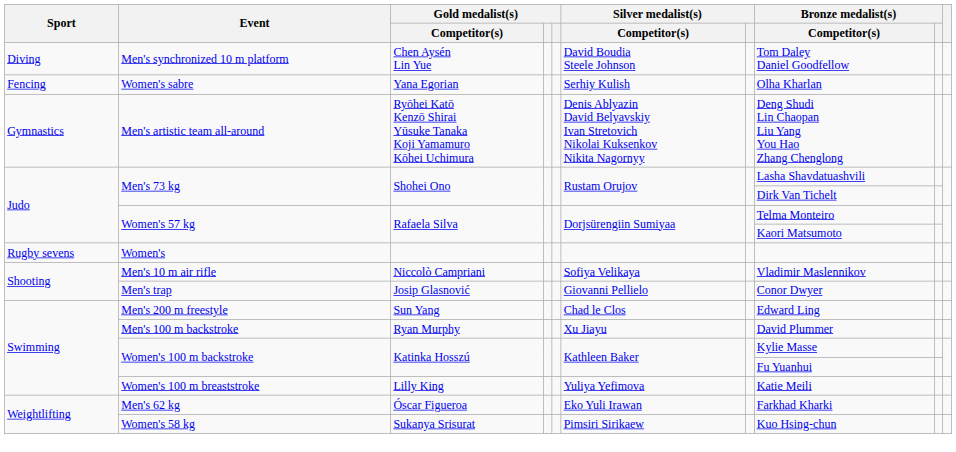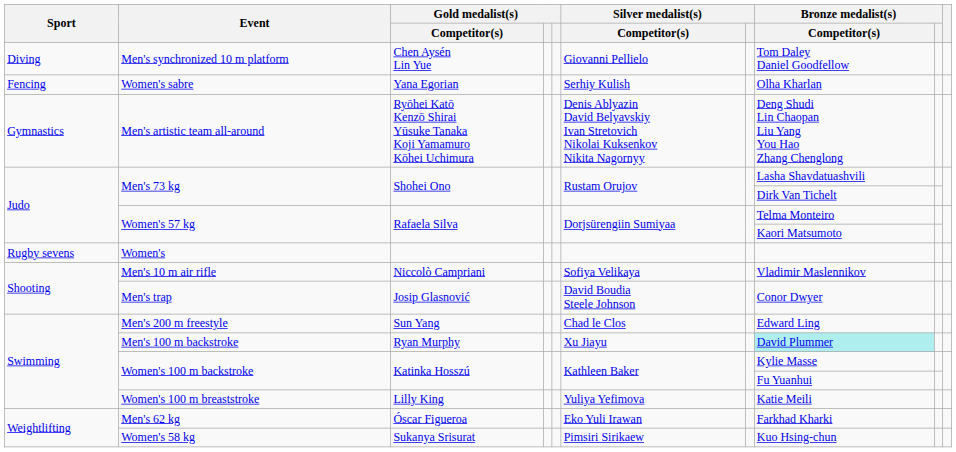 <table class="wikitable" style="width:100%;">
 <tr>
 <th rowspan="2">Sport</th>
 <th rowspan="2">Event</th>
 <th colspan="3">Gold medalist(s)</th>
 <th colspan="2">Silver medalist(s)</th>
 <th colspan="2">Bronze medalist(s)</th>
 <th rowspan="2"></th>
 </tr>
 <tr>
 <th>Competitor(s)</th>
 <th></th>
 <th></th>
 <th>Competitor(s)</th>
 <th></th>
 <th>Competitor(s)</th>
 <th></th>
 </tr>
 <tr>
 <td><a href='#'>Diving</a></td>
 <td><a href='#'>Men's synchronized 10 m platform</a></td>
 <td><a href='#'>Chen Aysén</a><br><a href='#'>Lin Yue</a></td>
 <td></td>
 <td></td>
-<td><a href='#'>David Boudia</a><br><a href='#'>Steele Johnson</a></td>
+<td><a href='#'>Giovanni Pellielo</a></td>
 <td></td>
 <td><a href='#'>Tom Daley</a><br><a href='#'>Daniel Goodfellow</a></td>
 <td></td>
 <td></td>
 </tr>
 <tr>
 <td><a href='#'>Fencing</a></td>
 <td><a href='#'>Women's sabre</a></td>
 <td><a href='#'>Yana Egorian</a></td>
 <td></td>
 <td></td>
 <td><a href='#'>Serhiy Kulish</a></td>
 <td></td>
 <td><a href='#'>Olha Kharlan</a></td>
 <td></td>
 <td></td>
 </tr>
 <tr>
 <td><a href='#'>Gymnastics</a></td>
 <td><a href='#'>Men's artistic team all-around</a></td>
 <td><a href='#'>Ryōhei Katō</a><br><a href='#'>Kenzō Shirai</a><br><a href='#'>Yūsuke Tanaka</a><br><a href='#'>Koji Yamamuro</a><br><a href='#'>Kōhei Uchimura</a></td>
 <td></td>
 <td></td>
 <td><a href='#'>Denis Ablyazin</a><br><a href='#'>David Belyavskiy</a><br><a href='#'>Ivan Stretovich</a><br><a href='#'>Nikolai Kuksenkov</a><br><a href='#'>Nikita Nagornyy</a></td>
 <td></td>
 <td><a href='#'>Deng Shudi</a><br><a href='#'>Lin Chaopan</a><br><a href='#'>Liu Yang</a><br><a href='#'>You Hao</a><br><a href='#'>Zhang Chenglong</a></td>
 <td></td>
 <td></td>
 </tr>
 <tr>
 <td rowspan="4"><a href='#'>Judo</a></td>
 <td rowspan="2"><a href='#'>Men's 73 kg</a></td>
 <td rowspan="2"><a href='#'>Shohei Ono</a></td>
 <td rowspan="2"></td>
 <td rowspan="2"></td>
 <td rowspan="2"><a href='#'>Rustam Orujov</a></td>
 <td rowspan="2"></td>
 <td style="white-space: nowrap;"><a href='#'>Lasha Shavdatuashvili</a></td>
 <td></td>
 <td rowspan="2"></td>
 </tr>
 <tr>
 <td><a href='#'>Dirk Van Tichelt</a></td>
 <td></td>
 </tr>
 <tr>
 <td rowspan="2"><a href='#'>Women's 57 kg</a></td>
 <td rowspan="2"><a href='#'>Rafaela Silva</a></td>
 <td rowspan="2"></td>
 <td rowspan="2"></td>
 <td rowspan="2"><a href='#'>Dorjsürengiin Sumiyaa</a></td>
 <td rowspan="2"></td>
 <td><a href='#'>Telma Monteiro</a></td>
 <td></td>
 <td rowspan="2"></td>
 </tr>
 <tr>
 <td><a href='#'>Kaori Matsumoto</a></td>
 <td></td>
 </tr>
 <tr>
 <td><a href='#'>Rugby sevens</a></td>
 <td><a href='#'>Women's</a></td>
 <td style="white-space: nowrap;"></td>
 <td></td>
 <td></td>
 <td style="white-space: nowrap;"></td>
 <td></td>
 <td style="white-space: nowrap;"></td>
 <td></td>
 <td></td>
 </tr>
 <tr>
 <td rowspan="2"><a href='#'>Shooting</a></td>
 <td><a href='#'>Men's 10 m air rifle</a></td>
 <td><a href='#'>Niccolò Campriani</a></td>
 <td></td>
 <td></td>
 <td><a href='#'>Sofiya Velikaya</a></td>
 <td></td>
 <td><a href='#'>Vladimir Maslennikov</a></td>
 <td></td>
 <td></td>
 </tr>
 <tr>
 <td><a href='#'>Men's trap</a></td>
 <td><a href='#'>Josip Glasnović</a></td>
 <td></td>
 <td></td>
-<td><a href='#'>Giovanni Pellielo</a></td>
+<td><a href='#'>David Boudia</a><br><a href='#'>Steele Johnson</a></td>
 <td></td>
 <td><a href='#'>Conor Dwyer</a></td>
 <td></td>
 <td></td>
 </tr>
 <tr>
 <td rowspan="5"><a href='#'>Swimming</a></td>
 <td><a href='#'>Men's 200 m freestyle</a></td>
 <td><a href='#'>Sun Yang</a></td>
 <td></td>
 <td></td>
 <td><a href='#'>Chad le Clos</a></td>
 <td></td>
 <td><a href='#'>Edward Ling</a></td>
 <td></td>
 <td></td>
 </tr>
 <tr>
 <td><a href='#'>Men's 100 m backstroke</a></td>
 <td><a href='#'>Ryan Murphy</a></td>
 <td></td>
 <td></td>
 <td><a href='#'>Xu Jiayu</a></td>
 <td></td>
-<td><a href='#'>David Plummer</a></td>
+<td style="background: paleturquoise;"><a href='#'>David Plummer</a></td>
 <td></td>
 <td></td>
 </tr>
 <tr>
 <td rowspan="2"><a href='#'>Women's 100 m backstroke</a></td>
 <td rowspan="2"><a href='#'>Katinka Hosszú</a></td>
 <td rowspan="2"></td>
 <td rowspan="2"></td>
 <td rowspan="2"><a href='#'>Kathleen Baker</a></td>
 <td rowspan="2"></td>
 <td><a href='#'>Kylie Masse</a></td>
 <td></td>
 <td rowspan="2"></td>
 </tr>
 <tr>
 <td><a href='#'>Fu Yuanhui</a></td>
 <td></td>
 </tr>
 <tr>
 <td><a href='#'>Women's 100 m breaststroke</a></td>
 <td><a href='#'>Lilly King</a></td>
 <td></td>
 <td></td>
 <td><a href='#'>Yuliya Yefimova</a></td>
 <td></td>
 <td><a href='#'>Katie Meili</a></td>
 <td></td>
 <td></td>
 </tr>
 <tr>
 <td rowspan="2"><a href='#'>Weightlifting</a></td>
 <td><a href='#'>Men's 62 kg</a></td>
 <td><a href='#'>Óscar Figueroa</a></td>
 <td></td>
 <td></td>
 <td><a href='#'>Eko Yuli Irawan</a></td>
 <td></td>
 <td><a href='#'>Farkhad Kharki</a></td>
 <td></td>
 <td></td>
 </tr>
 <tr>
 <td><a href='#'>Women's 58 kg</a></td>
 <td><a href='#'>Sukanya Srisurat</a></td>
 <td></td>
 <td></td>
 <td><a href='#'>Pimsiri Sirikaew</a></td>
 <td></td>
 <td><a href='#'>Kuo Hsing-chun</a></td>
 <td></td>
 <td></td>
 </tr>
 </table>
